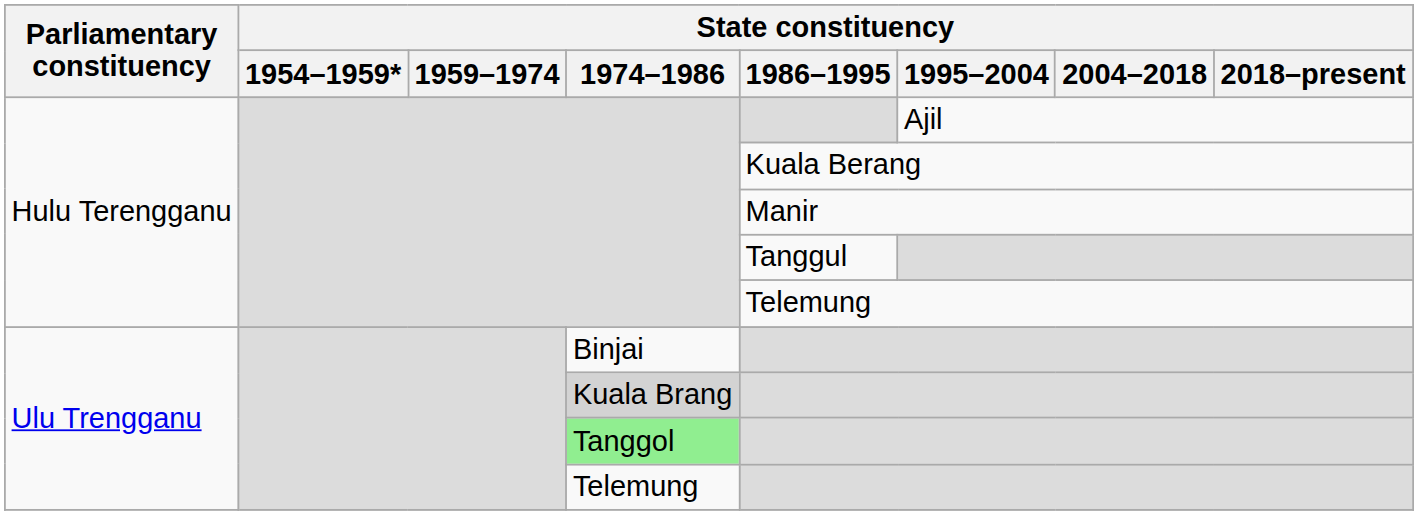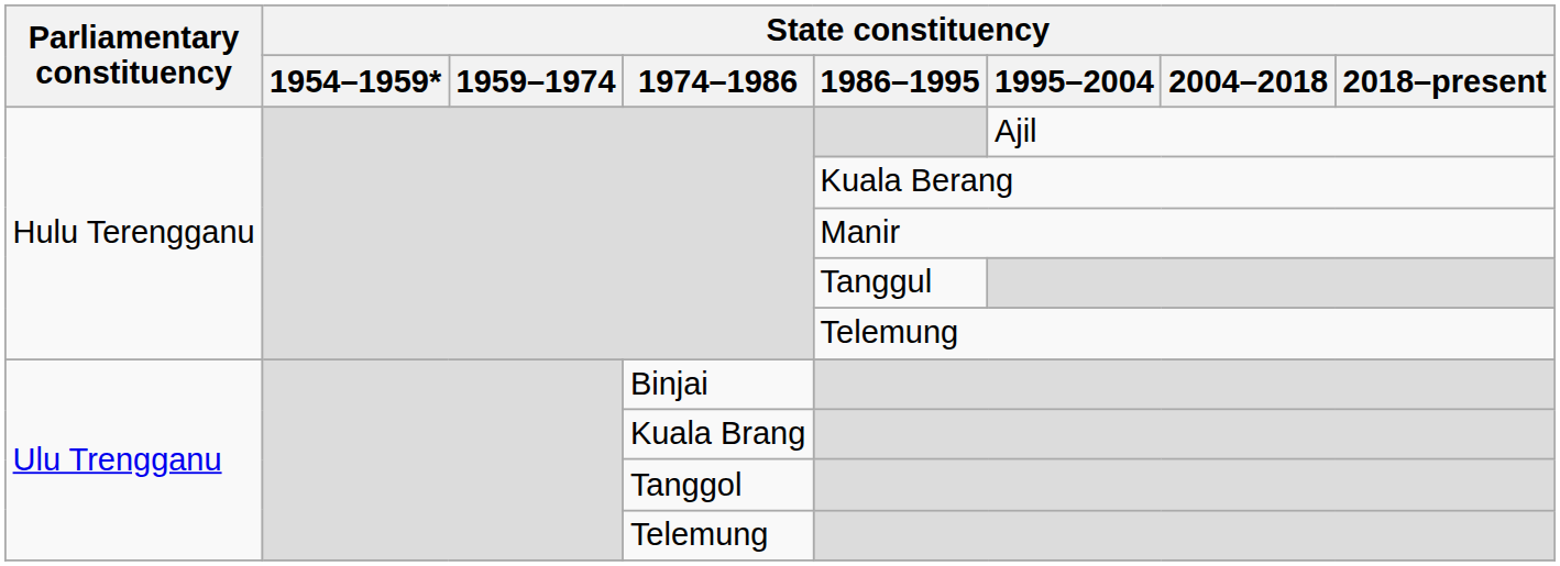 <table class="wikitable">
 <tr>
 <th rowspan="2">Parliamentary<br>constituency</th>
 <th colspan="7">State constituency</th>
 </tr>
 <tr>
 <th>1954–1959*</th>
 <th>1959–1974</th>
 <th>1974–1986</th>
 <th>1986–1995</th>
 <th>1995–2004</th>
 <th>2004–2018</th>
 <th>2018–present</th>
 </tr>
 <tr>
 <td rowspan="5">Hulu Terengganu</td>
 <td colspan="3" rowspan="5" bgcolor="dcdcdc"></td>
 <td bgcolor="dcdcdc"></td>
 <td colspan="3">Ajil</td>
 </tr>
 <tr>
 <td colspan="4">Kuala Berang</td>
 </tr>
 <tr>
 <td colspan="4">Manir</td>
 </tr>
 <tr>
 <td>Tanggul</td>
 <td colspan="3" bgcolor="dcdcdc"></td>
 </tr>
 <tr>
 <td colspan="4">Telemung</td>
 </tr>
 <tr>
 <td rowspan="4"><a href='#'>Ulu Trengganu</a></td>
 <td colspan="2" rowspan="4" bgcolor="dcdcdc"></td>
 <td>Binjai</td>
 <td colspan="4" bgcolor="dcdcdc"></td>
 </tr>
 <tr>
-<td style="background: lightgrey;">Kuala Brang</td>
+<td>Kuala Brang</td>
 <td colspan="4" bgcolor="dcdcdc"></td>
 </tr>
 <tr>
-<td style="background: lightgreen;">Tanggol</td>
+<td>Tanggol</td>
 <td colspan="4" bgcolor="dcdcdc"></td>
 </tr>
 <tr>
 <td>Telemung</td>
 <td colspan="4" bgcolor="dcdcdc"></td>
 </tr>
 </table>
